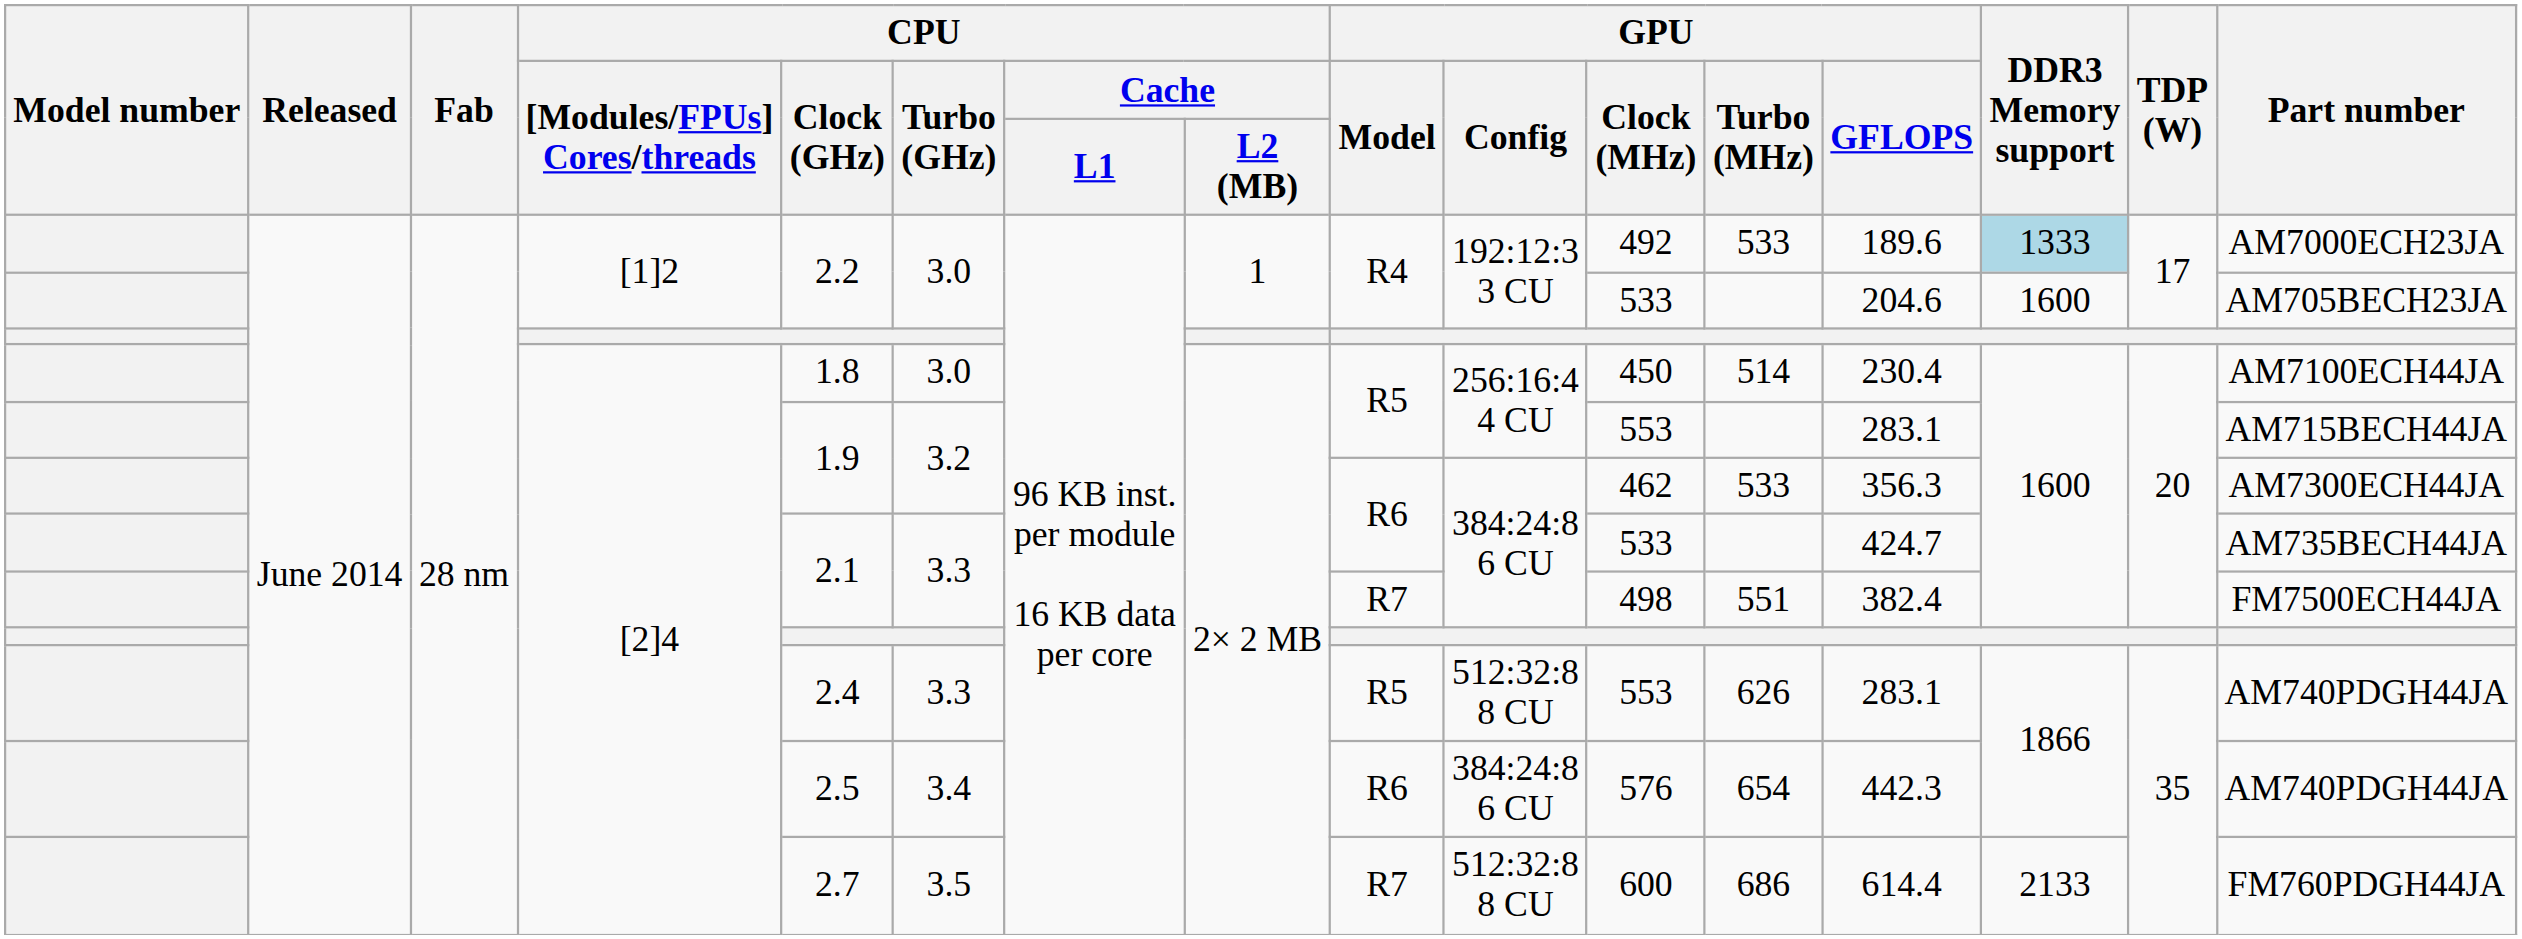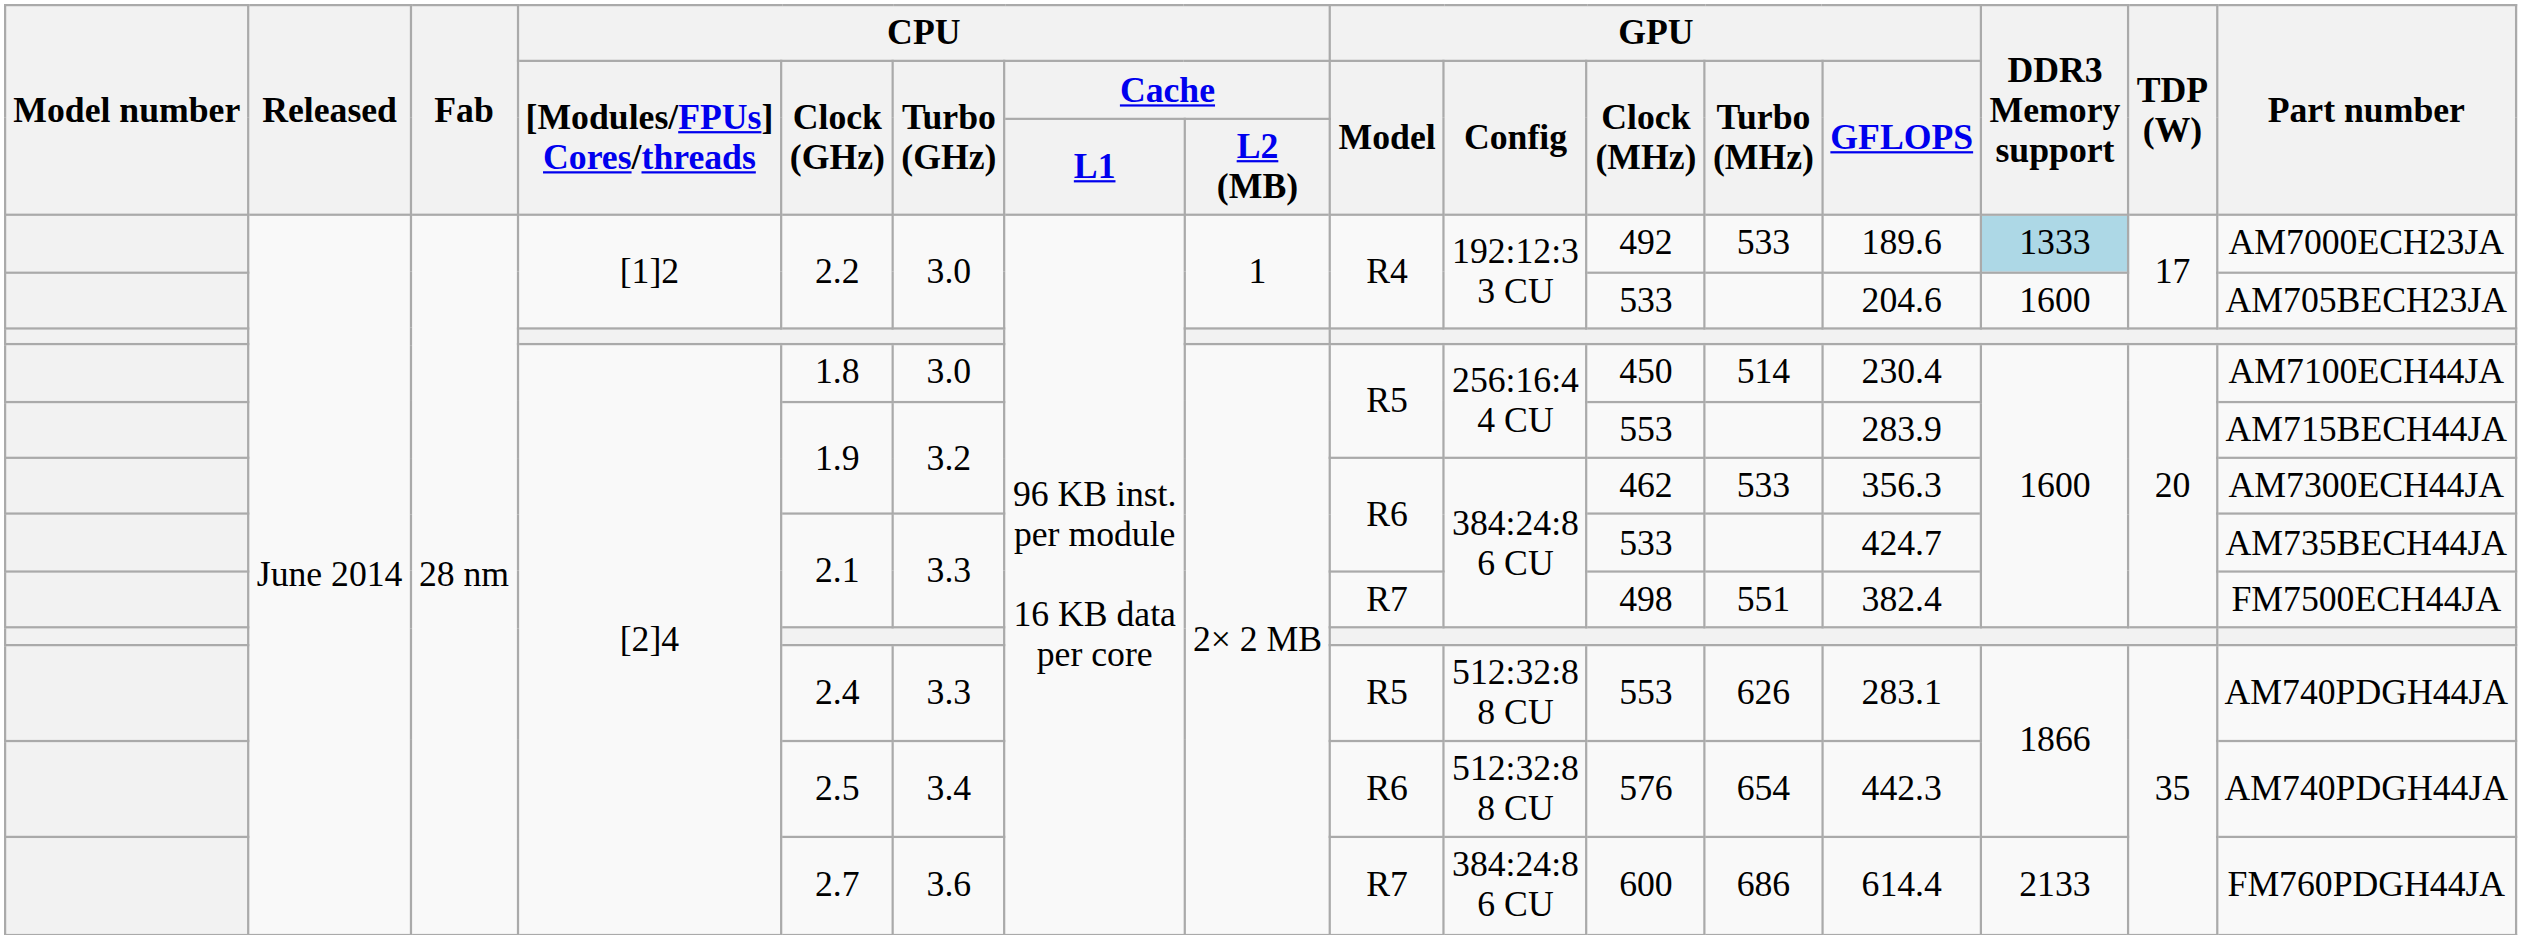 <table class="wikitable sortable sort-under" style="text-align: center">
 <tr>
 <th rowspan=3>Model number</th>
 <th rowspan=3>Released</th>
 <th rowspan=3>Fab</th>
 <th colspan="5">CPU</th>
 <th colspan=5>GPU</th>
 <th rowspan=3>DDR3<br>Memory<br>support</th>
 <th rowspan=3>TDP<br>(W)</th>
 <th rowspan=3>Part number</th>
 </tr>
 <tr>
 <th rowspan=2>[Modules/<a href='#'>FPUs</a>]<br><a href='#'>Cores</a>/<a href='#'>threads</a></th>
 <th rowspan=2>Clock<br>(GHz)</th>
 <th rowspan=2>Turbo<br>(GHz)</th>
 <th colspan="2"><a href='#'>Cache</a></th>
 <th rowspan=2>Model</th>
 <th rowspan=2>Config</th>
 <th rowspan=2>Clock<br>(MHz)</th>
 <th rowspan=2>Turbo<br>(MHz)</th>
 <th rowspan=2><a href='#'>GFLOPS</a></th>
 </tr>
 <tr>
 <th><a href='#'>L1</a></th>
 <th><a href='#'>L2</a><br>(MB)</th>
 </tr>
 <tr>
 <th style="text-align:right; font-size:85%;"></th>
 <td rowspan=12>June 2014</td>
 <td rowspan=12>28 nm</td>
 <td rowspan=2>[1]2</td>
 <td rowspan=2>2.2</td>
 <td rowspan=2>3.0</td>
 <td rowspan=12>96 KB inst.<br>per module<br><br>16 KB data<br>per core</td>
 <td rowspan=2>1</td>
 <td rowspan=2>R4</td>
 <td rowspan=2>192:12:3<br>3 CU</td>
 <td>492</td>
 <td>533</td>
 <td>189.6</td>
 <td style="background: lightblue;">1333</td>
 <td rowspan=2>17</td>
 <td>AM7000ECH23JA</td>
 </tr>
 <tr>
 <th style="text-align:right; font-size:85%;"></th>
 <td>533</td>
 <td></td>
 <td>204.6</td>
 <td>1600</td>
 <td>AM705BECH23JA</td>
 </tr>
 <tr>
 <th></th>
 <th colspan="3"></th>
 <th></th>
 <th colspan="8"></th>
 </tr>
 <tr>
 <th style="text-align:right; font-size:85%;"></th>
 <td rowspan=9>[2]4</td>
 <td>1.8</td>
 <td>3.0</td>
 <td rowspan=9>2× 2 MB</td>
 <td rowspan=2>R5</td>
 <td rowspan=2>256:16:4<br>4 CU</td>
 <td>450</td>
 <td>514</td>
 <td>230.4</td>
 <td rowspan=5>1600</td>
 <td rowspan=5>20</td>
 <td>AM7100ECH44JA</td>
 </tr>
 <tr>
 <th style="text-align:right; font-size:85%;"></th>
 <td rowspan="2">1.9</td>
 <td rowspan="2">3.2</td>
 <td>553</td>
 <td></td>
-<td>283.1</td>
+<td>283.9</td>
 <td>AM715BECH44JA</td>
 </tr>
 <tr>
 <th style="text-align:right; font-size:85%;"></th>
 <td rowspan=2>R6</td>
 <td rowspan=3>384:24:8<br>6 CU</td>
 <td>462</td>
 <td>533</td>
 <td>356.3</td>
 <td>AM7300ECH44JA</td>
 </tr>
 <tr>
 <th style="text-align:right; font-size:85%;"></th>
 <td rowspan="2">2.1</td>
 <td rowspan="2">3.3</td>
 <td>533</td>
 <td></td>
 <td>424.7</td>
 <td>AM735BECH44JA</td>
 </tr>
 <tr>
 <th style="text-align:right; font-size:85%;"></th>
 <td>R7</td>
 <td>498</td>
 <td>551</td>
 <td>382.4</td>
 <td>FM7500ECH44JA</td>
 </tr>
 <tr>
 <th></th>
 <th colspan="2"></th>
 <th colspan="7"></th>
 <th></th>
 </tr>
 <tr>
 <th style="text-align:right; font-size:85%;"></th>
 <td>2.4</td>
 <td>3.3</td>
 <td>R5</td>
 <td>512:32:8<br>8 CU</td>
 <td>553</td>
 <td>626</td>
 <td>283.1</td>
 <td rowspan=2>1866</td>
 <td rowspan=3>35</td>
 <td>AM740PDGH44JA</td>
 </tr>
 <tr>
 <th style="text-align:right; font-size:85%;"></th>
 <td>2.5</td>
 <td>3.4</td>
 <td>R6</td>
-<td>384:24:8<br>6 CU</td>
+<td>512:32:8<br>8 CU</td>
 <td>576</td>
 <td>654</td>
 <td>442.3</td>
 <td>AM740PDGH44JA</td>
 </tr>
 <tr>
 <th style="text-align:right; font-size:85%;"></th>
 <td>2.7</td>
-<td>3.5</td>
+<td>3.6</td>
 <td>R7</td>
-<td>512:32:8<br>8 CU</td>
+<td>384:24:8<br>6 CU</td>
 <td>600</td>
 <td>686</td>
 <td>614.4</td>
 <td>2133</td>
 <td>FM760PDGH44JA</td>
 </tr>
 </table>
